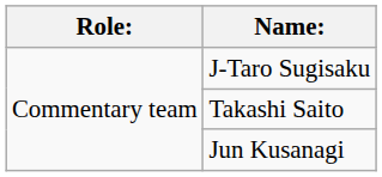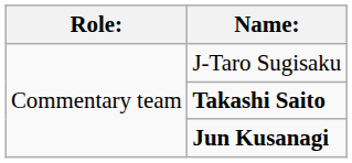 <table class=wikitable style="font-size:90%; margin: 0.5em 0 0.5em 1em; float: right; clear: right;">
 <tr>
 <th>Role:</th>
 <th>Name:</th>
 </tr>
 <tr>
 <td rowspan=3>Commentary team</td>
 <td>J-Taro Sugisaku</td>
 </tr>
 <tr>
-<td>Takashi Saito</td>
+<td><strong>Takashi Saito</strong></td>
 </tr>
 <tr>
-<td>Jun Kusanagi</td>
+<td><strong>Jun Kusanagi</strong></td>
 </tr>
 </table>
